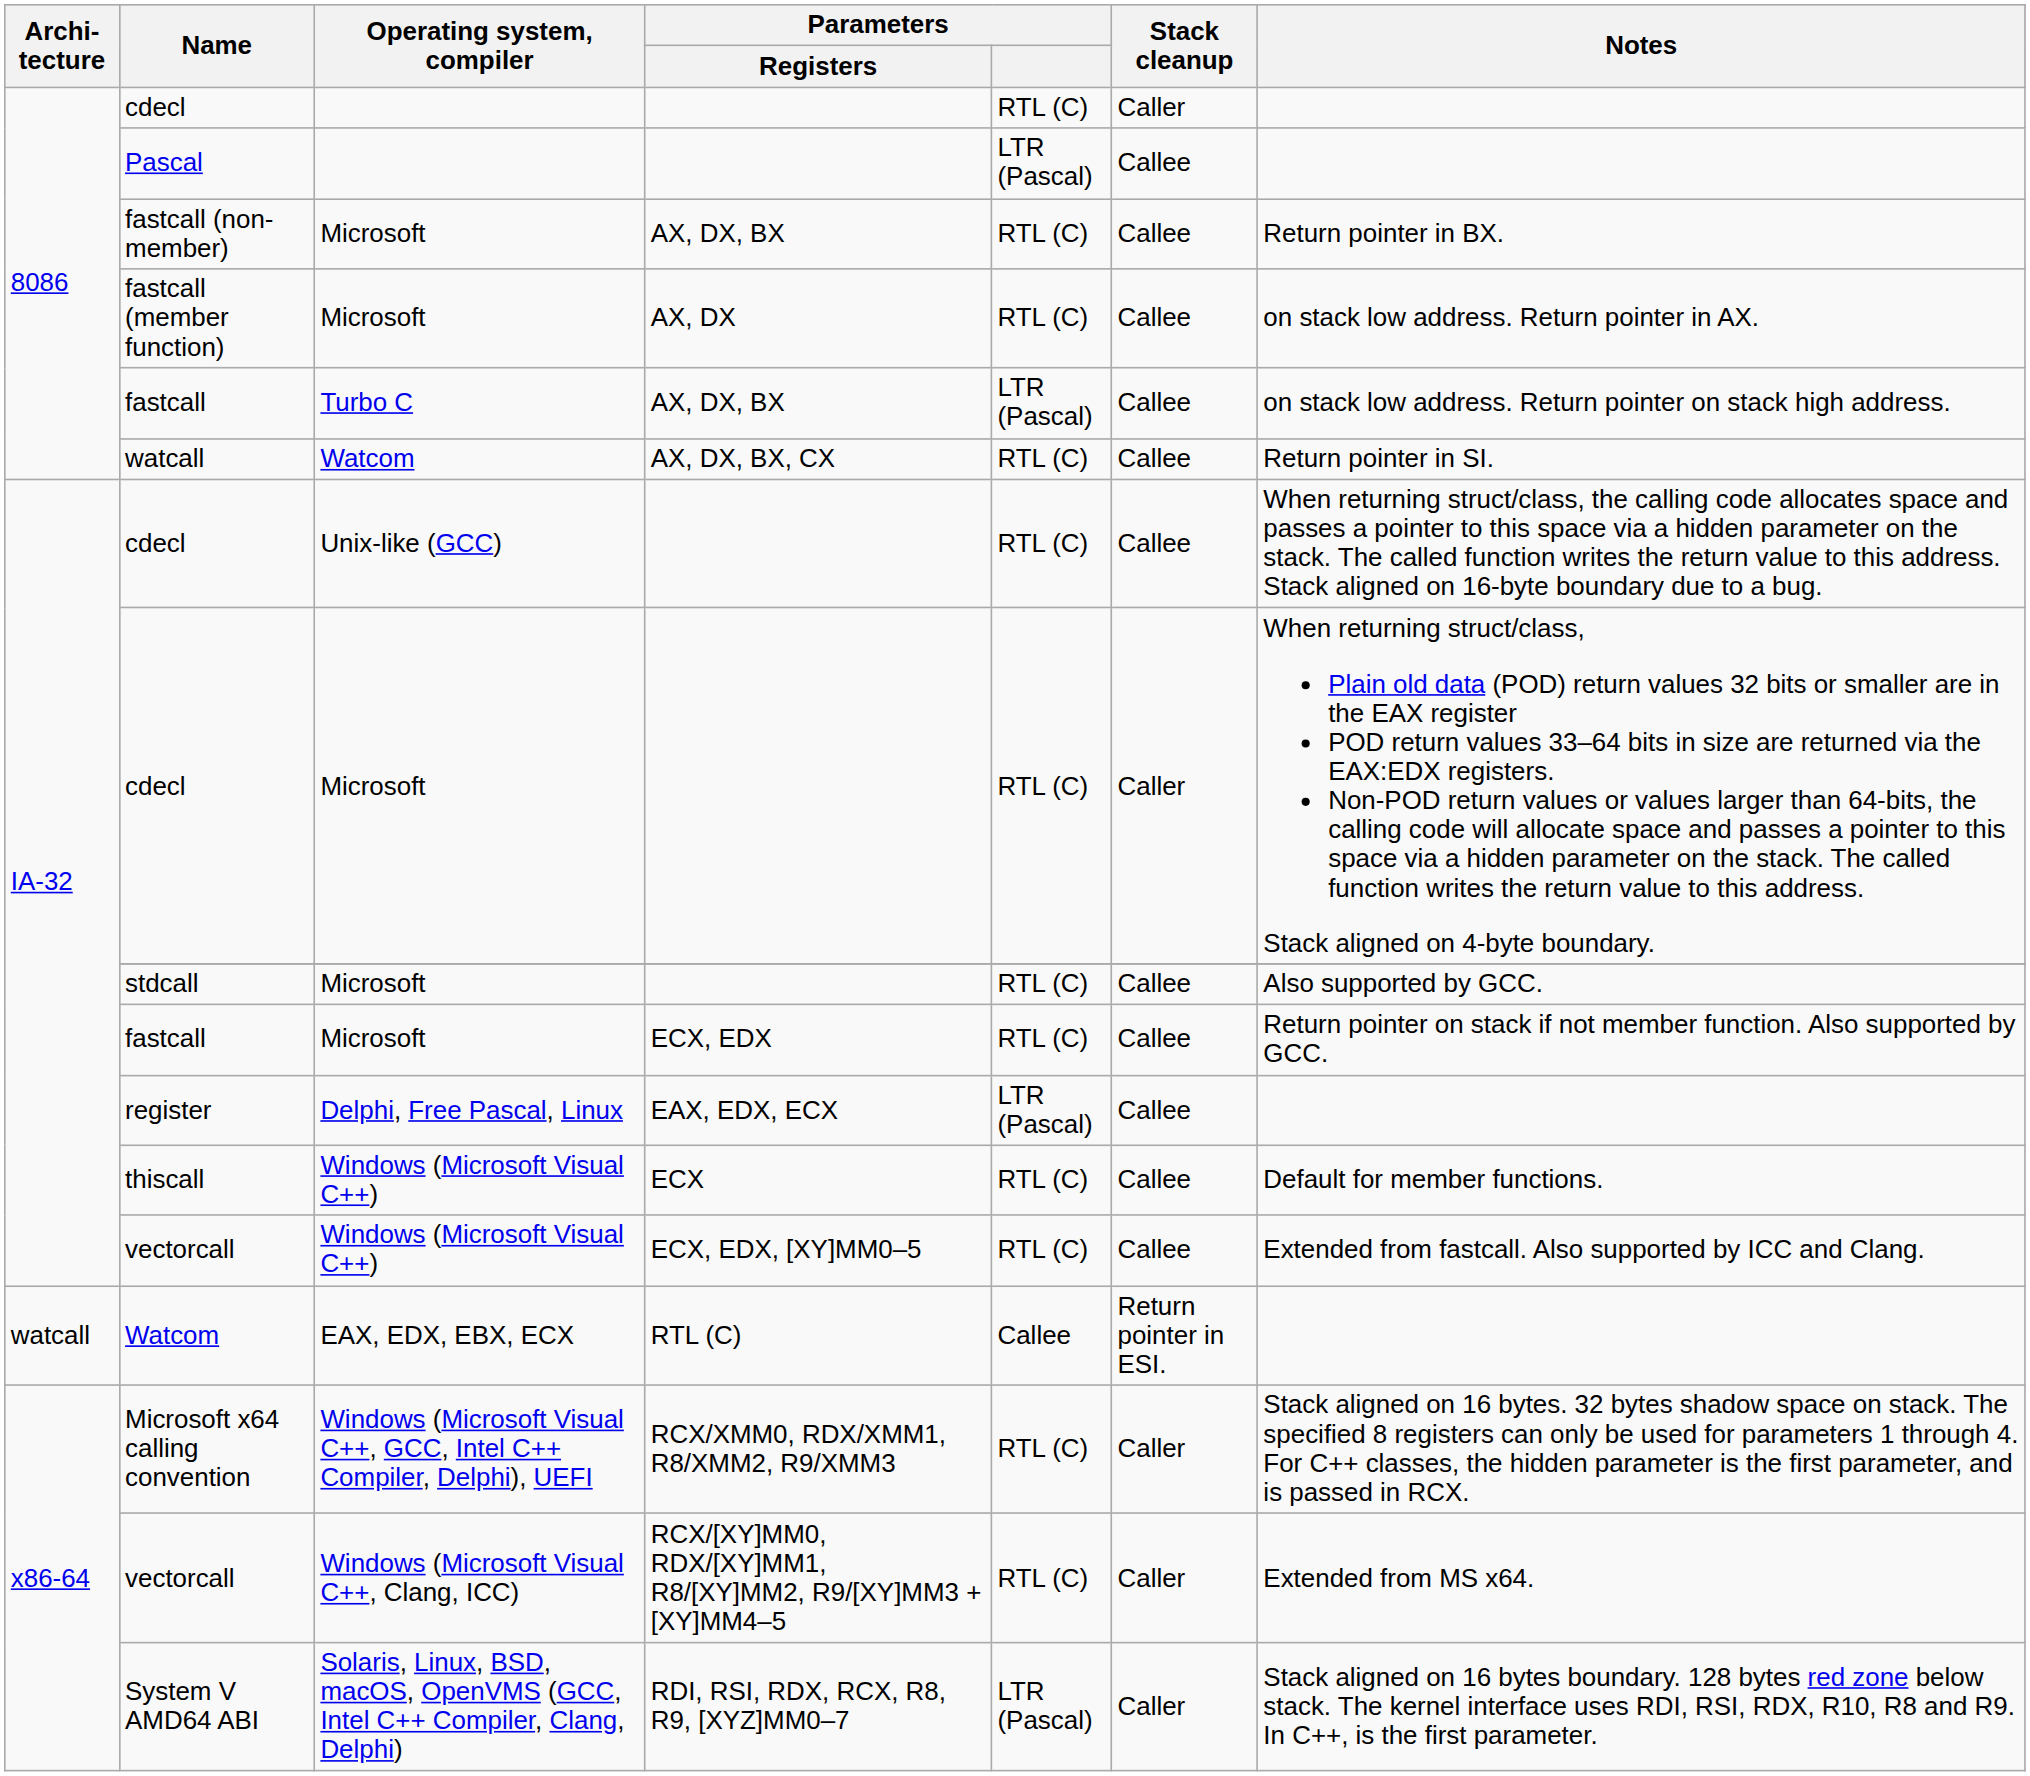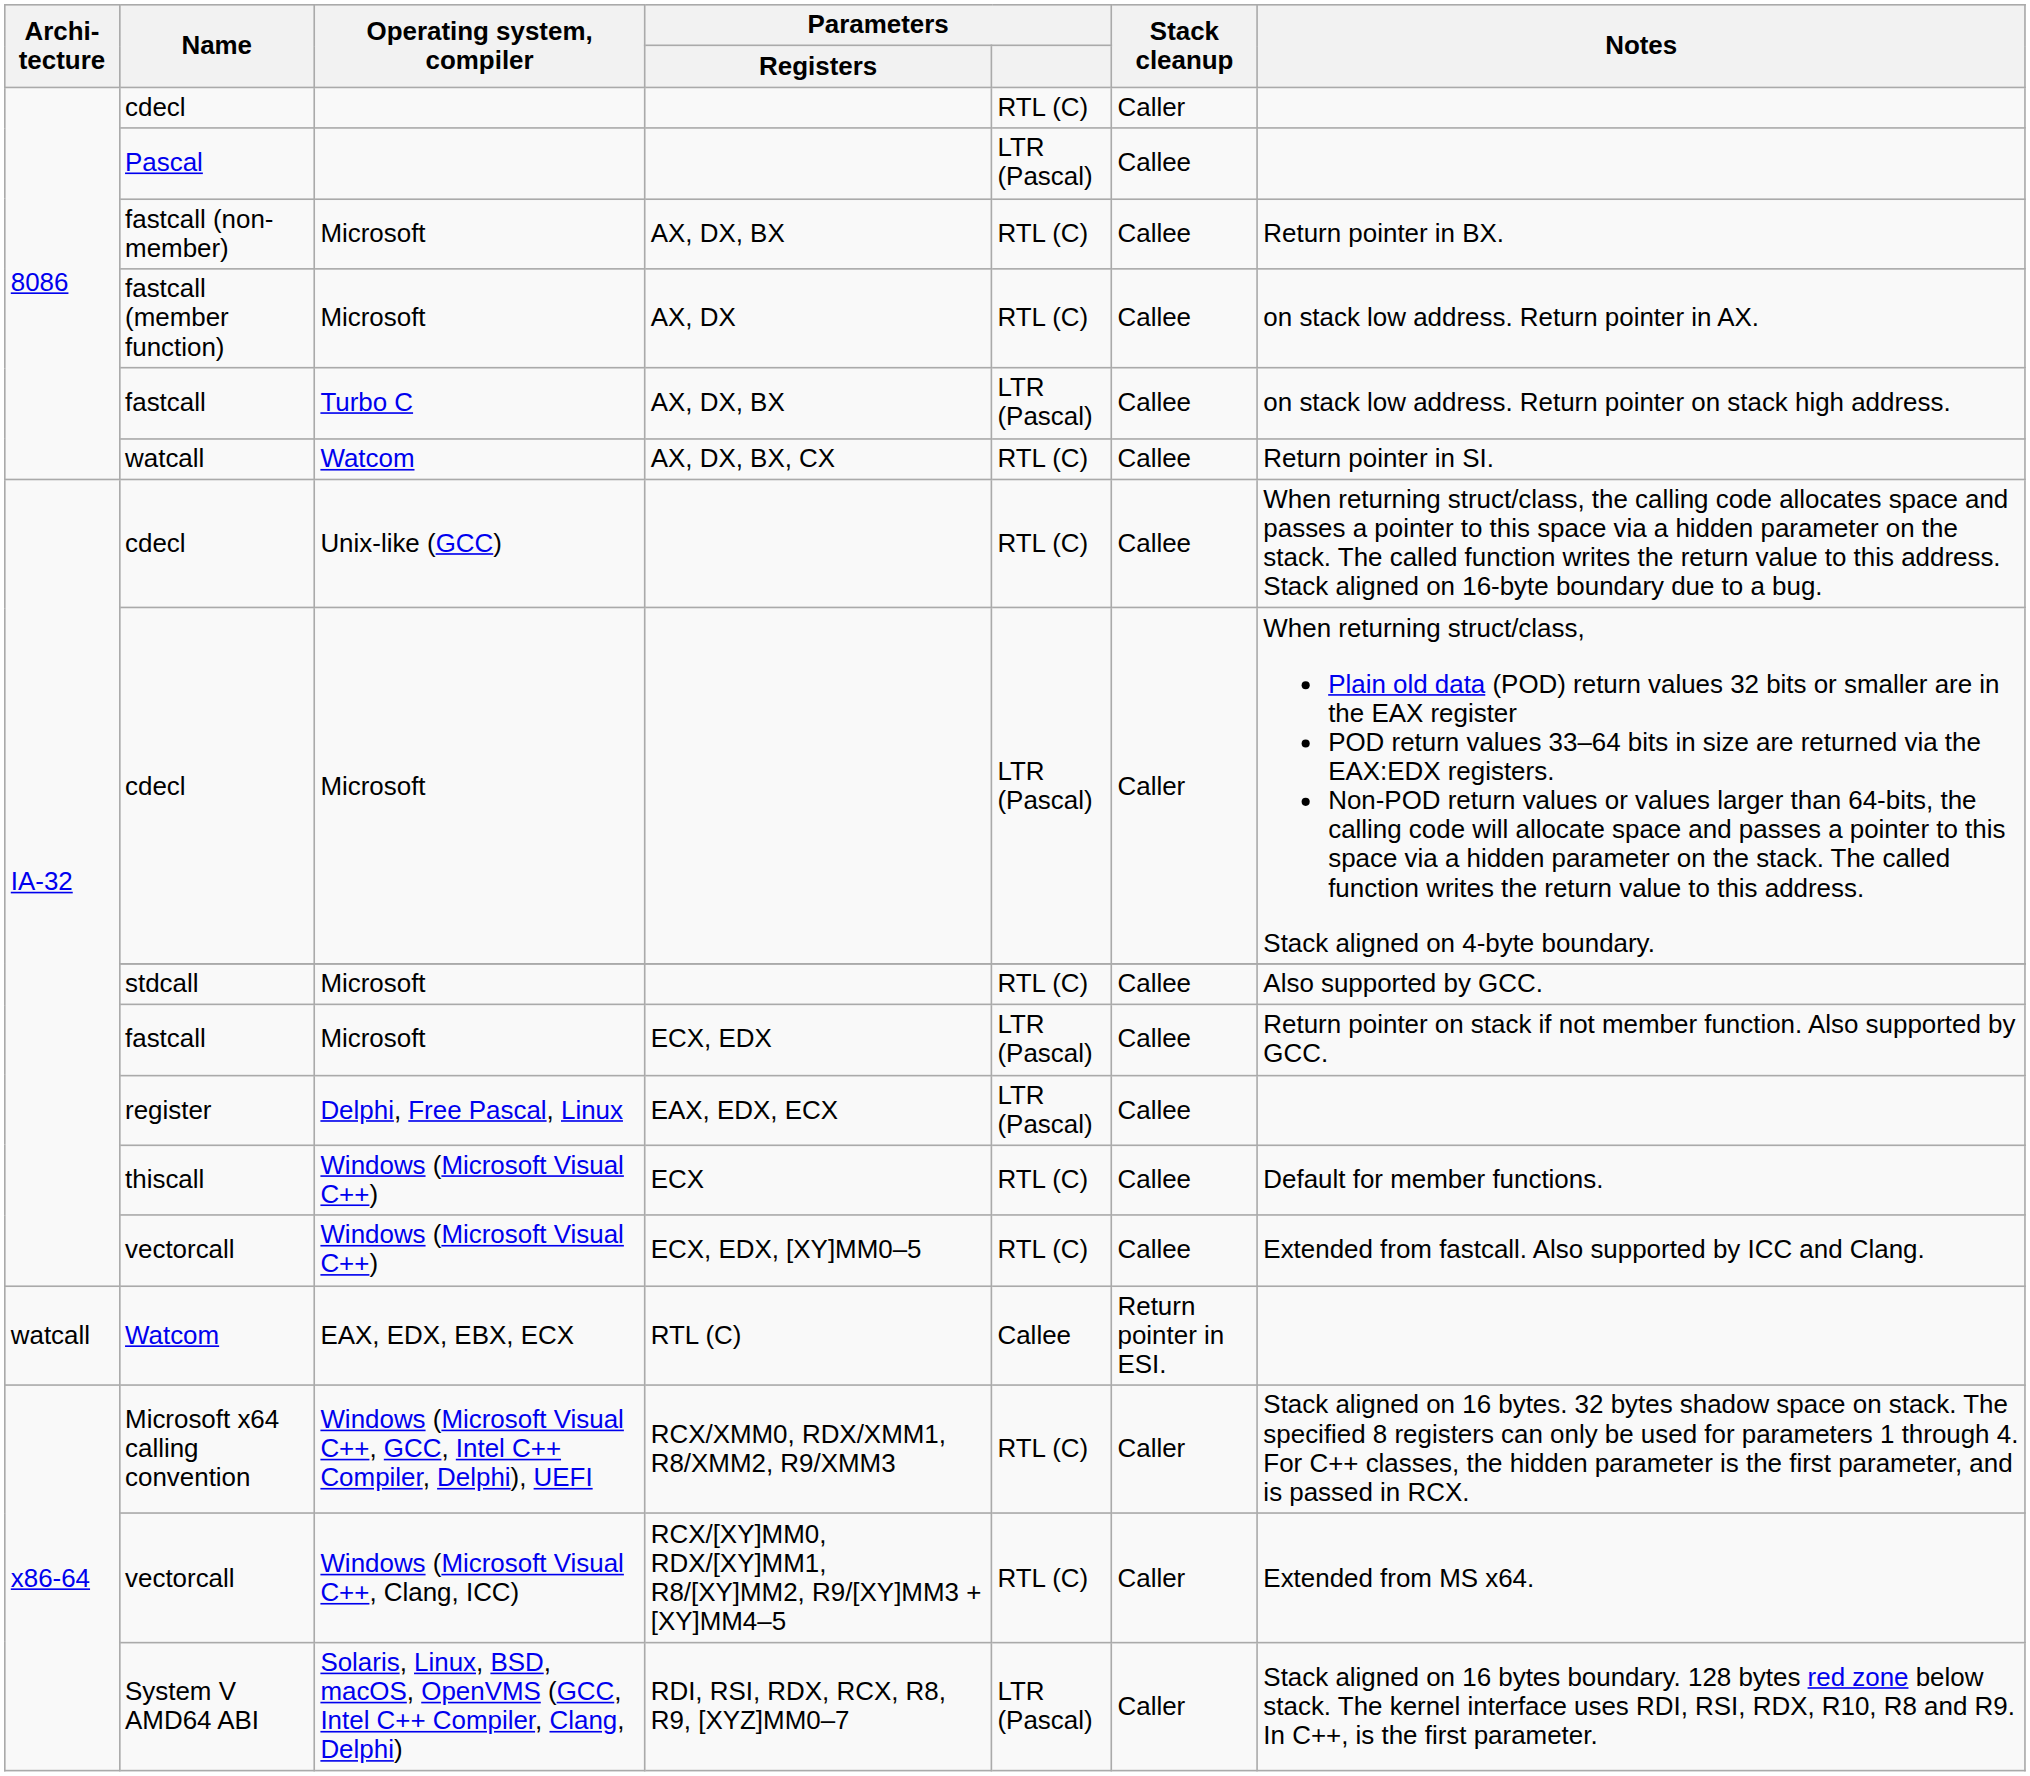 <table class="wikitable">
 <tr>
 <th rowspan=2>Archi­tecture</th>
 <th rowspan=2>Name</th>
 <th rowspan=2>Operating system, compiler</th>
 <th colspan=2>Parameters</th>
 <th rowspan=2>Stack cleanup</th>
 <th rowspan=2>Notes</th>
 </tr>
 <tr>
 <th>Registers</th>
 <th></th>
 </tr>
 <tr>
 <td rowspan="6"><a href='#'>8086</a></td>
 <td>cdecl</td>
 <td></td>
 <td></td>
 <td>RTL (C)</td>
 <td>Caller</td>
 <td></td>
 </tr>
 <tr>
 <td><a href='#'>Pascal</a></td>
 <td></td>
 <td></td>
 <td>LTR (Pascal)</td>
 <td>Callee</td>
 <td></td>
 </tr>
 <tr>
 <td>fastcall (non-member)</td>
 <td>Microsoft</td>
 <td>AX, DX, BX</td>
 <td>RTL (C)</td>
 <td>Callee</td>
 <td>Return pointer in BX.</td>
 </tr>
 <tr>
 <td>fastcall  (member function)</td>
 <td>Microsoft</td>
 <td>AX, DX</td>
 <td>RTL (C)</td>
 <td>Callee</td>
 <td> on stack low address. Return pointer in AX.</td>
 </tr>
 <tr>
 <td>fastcall</td>
 <td><a href='#'>Turbo C</a></td>
 <td>AX, DX, BX</td>
 <td>LTR (Pascal)</td>
 <td>Callee</td>
 <td> on stack low address. Return pointer on stack high address.</td>
 </tr>
 <tr>
 <td>watcall</td>
 <td><a href='#'>Watcom</a></td>
 <td>AX, DX, BX, CX</td>
 <td>RTL (C)</td>
 <td>Callee</td>
 <td>Return pointer in SI.</td>
 </tr>
 <tr>
 <td rowspan="8"><a href='#'>IA-32</a></td>
 <td>cdecl</td>
 <td>Unix-like (<a href='#'>GCC</a>)</td>
 <td></td>
 <td>RTL (C)</td>
 <td>Callee</td>
 <td>When returning struct/class, the calling code allocates space and passes a pointer to this space via a hidden parameter on the stack. The called function writes the return value to this address.<br>Stack aligned on 16-byte boundary due to a bug.</td>
 </tr>
 <tr>
 <td>cdecl</td>
 <td>Microsoft</td>
 <td></td>
-<td>RTL (C)</td>
+<td>LTR (Pascal)</td>
 <td>Caller</td>
 <td>When returning struct/class,<br><ul><li><a href='#'>Plain old data</a> (POD) return values 32 bits or smaller are in the EAX register</li><li>POD return values 33–64 bits in size are returned via the EAX:EDX registers.</li><li>Non-POD return values or values larger than 64-bits, the calling code will allocate space and passes a pointer to this space via a hidden parameter on the stack. The called function writes the return value to this address.</li></ul>Stack aligned on 4-byte boundary.</td>
 </tr>
 <tr>
 </tr>
 <tr>
 <td>stdcall</td>
 <td>Microsoft</td>
 <td></td>
 <td>RTL (C)</td>
 <td>Callee</td>
 <td>Also supported by GCC.</td>
 </tr>
 <tr>
 <td>fastcall</td>
 <td>Microsoft</td>
 <td>ECX, EDX</td>
-<td>RTL (C)</td>
+<td>LTR (Pascal)</td>
 <td>Callee</td>
 <td>Return pointer on stack if not member function. Also supported by GCC.</td>
 </tr>
 <tr>
 <td>register</td>
 <td><a href='#'>Delphi</a>, <a href='#'>Free Pascal</a>, <a href='#'>Linux</a></td>
 <td>EAX, EDX, ECX</td>
 <td>LTR (Pascal)</td>
 <td>Callee</td>
 <td></td>
 </tr>
 <tr>
 <td>thiscall</td>
 <td><a href='#'>Windows</a> (<a href='#'>Microsoft Visual C++</a>)</td>
 <td>ECX</td>
 <td>RTL (C)</td>
 <td>Callee</td>
 <td>Default for member functions.</td>
 </tr>
 <tr>
 <td>vectorcall</td>
 <td><a href='#'>Windows</a> (<a href='#'>Microsoft Visual C++</a>)</td>
 <td>ECX, EDX, [XY]MM0–5 </td>
 <td>RTL (C)</td>
 <td>Callee</td>
 <td>Extended from fastcall. Also supported by ICC and Clang.</td>
 </tr>
 <tr>
 <td>watcall</td>
 <td><a href='#'>Watcom</a></td>
 <td>EAX, EDX, EBX, ECX</td>
 <td>RTL (C)</td>
 <td>Callee</td>
 <td>Return pointer in ESI.</td>
 </tr>
 <tr>
 <td rowspan="3"><a href='#'>x86-64</a></td>
 <td>Microsoft x64 calling convention</td>
 <td><a href='#'>Windows</a> (<a href='#'>Microsoft Visual C++</a>, <a href='#'>GCC</a>, <a href='#'>Intel C++ Compiler</a>, <a href='#'>Delphi</a>), <a href='#'>UEFI</a></td>
 <td>RCX/XMM0, RDX/XMM1, R8/XMM2, R9/XMM3</td>
 <td>RTL (C)</td>
 <td>Caller</td>
 <td>Stack aligned on 16 bytes. 32 bytes shadow space on stack. The specified 8 registers can only be used for parameters 1 through 4. For C++ classes, the hidden  parameter is the first parameter, and is passed in RCX.</td>
 </tr>
 <tr>
 <td>vectorcall</td>
 <td><a href='#'>Windows</a> (<a href='#'>Microsoft Visual C++</a>, Clang, ICC)</td>
 <td>RCX/[XY]MM0, RDX/[XY]MM1, R8/[XY]MM2, R9/[XY]MM3 + [XY]MM4–5</td>
 <td>RTL (C)</td>
 <td>Caller</td>
 <td>Extended from MS x64.</td>
 </tr>
 <tr>
 <td>System V AMD64 ABI</td>
 <td><a href='#'>Solaris</a>, <a href='#'>Linux</a>, <a href='#'>BSD</a>, <a href='#'>macOS</a>, <a href='#'>OpenVMS</a> (<a href='#'>GCC</a>, <a href='#'>Intel C++ Compiler</a>, <a href='#'>Clang</a>, <a href='#'>Delphi</a>)</td>
 <td>RDI, RSI, RDX, RCX, R8, R9, [XYZ]MM0–7</td>
 <td>LTR (Pascal)</td>
 <td>Caller</td>
 <td>Stack aligned on 16 bytes boundary. 128 bytes <a href='#'>red zone</a> below stack. The kernel interface uses RDI, RSI, RDX, R10, R8 and R9. In C++,  is the first parameter.</td>
 </tr>
 </table>
